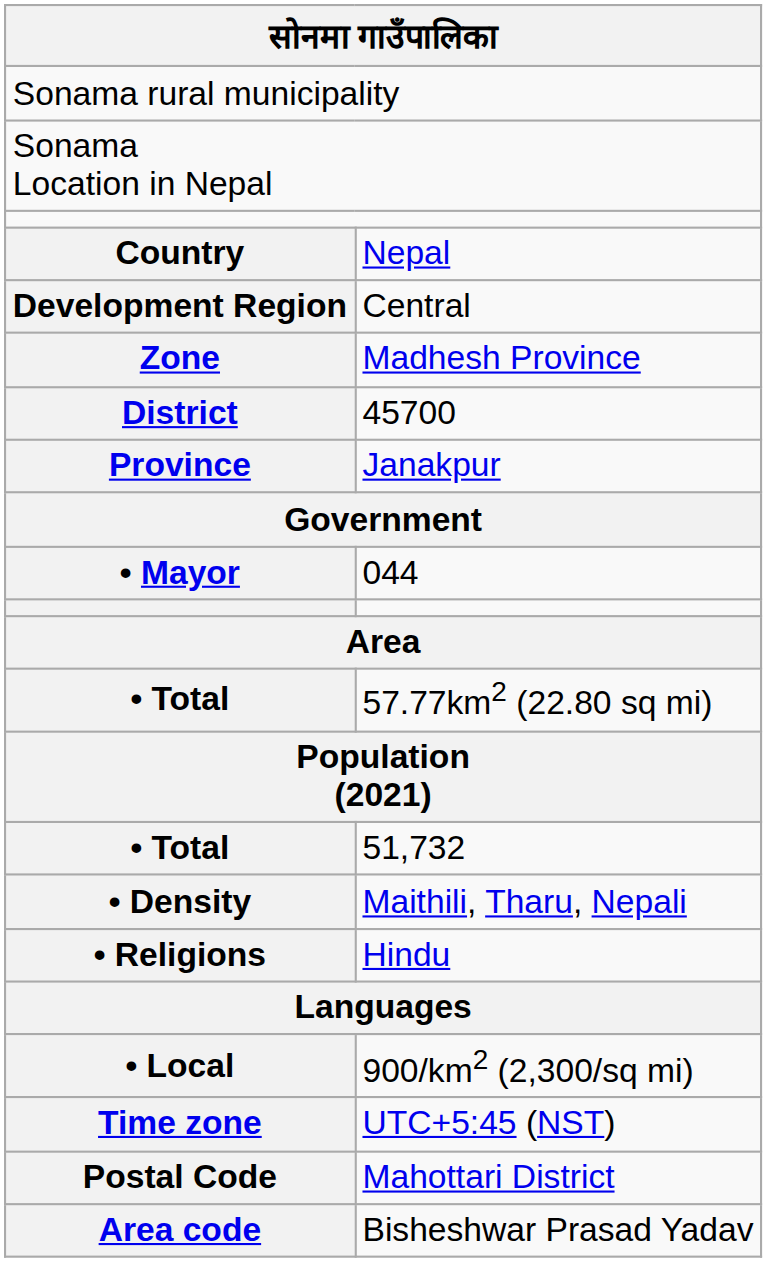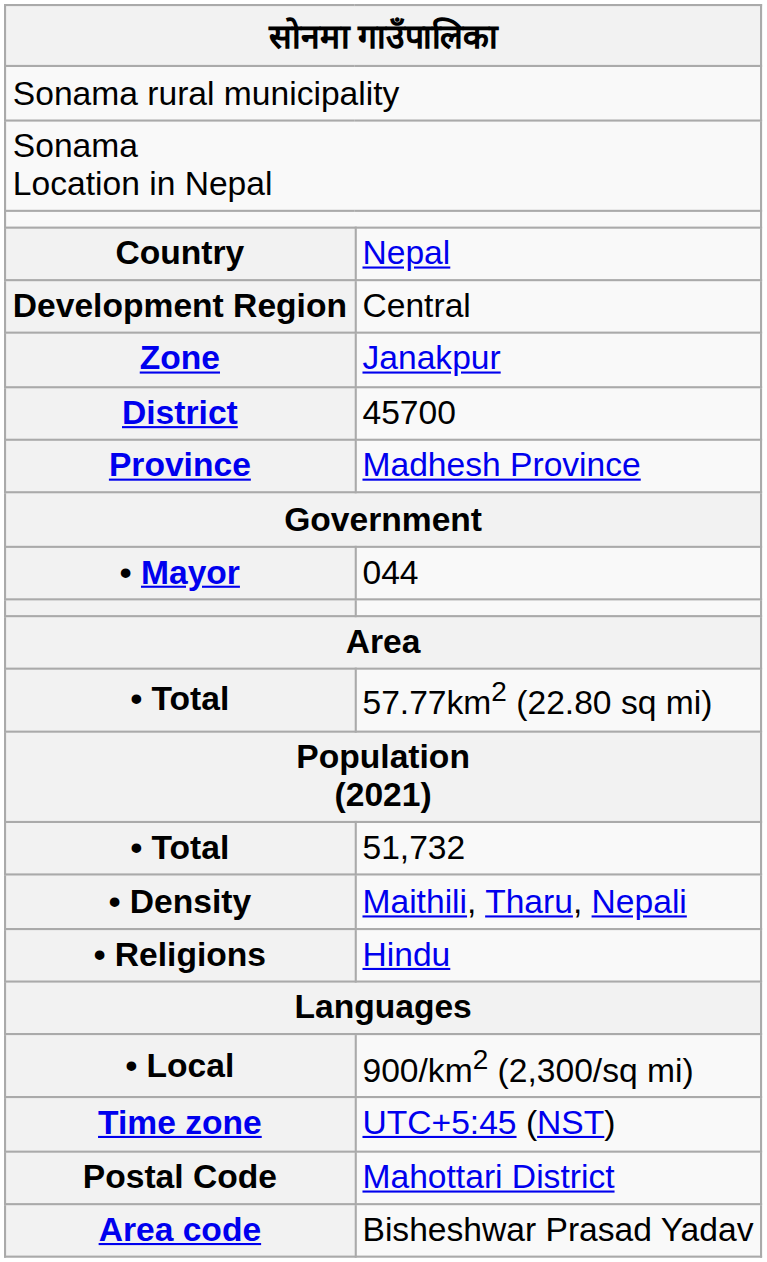 <table class="wikitable">
 <tr>
 <th colspan="2">सोनमा गाउँपालिका</th>
 </tr>
 <tr>
 <td colspan="2">Sonama rural municipality</td>
 </tr>
 <tr>
 <td colspan="2">Sonama<br>Location in Nepal</td>
 </tr>
 <tr>
 <td colspan="2"></td>
 </tr>
 <tr>
 <th>Country</th>
 <td><a href='#'>Nepal</a></td>
 </tr>
 <tr>
 <th>Development Region</th>
 <td>Central</td>
 </tr>
 <tr>
 <th><a href='#'>Zone</a></th>
-<td><a href='#'>Madhesh Province</a></td>
+<td><a href='#'>Janakpur</a></td>
 </tr>
 <tr>
 <th><a href='#'>District</a></th>
 <td>45700</td>
 </tr>
 <tr>
 <th><a href='#'>Province</a></th>
-<td><a href='#'>Janakpur</a></td>
+<td><a href='#'>Madhesh Province</a></td>
 </tr>
 <tr>
 <th colspan="2">Government</th>
 </tr>
 <tr>
 <th>• <a href='#'>Mayor</a></th>
 <td>044</td>
 </tr>
 <tr>
 <th></th>
 <td></td>
 </tr>
 <tr>
 <th colspan="2">Area</th>
 </tr>
 <tr>
 <th>• Total</th>
 <td>57.77km<sup>2</sup> (22.80 sq mi)</td>
 </tr>
 <tr>
 <th colspan="2">Population<br>(2021)</th>
 </tr>
 <tr>
 <th>• Total</th>
 <td>51,732</td>
 </tr>
 <tr>
 <th>• Density</th>
 <td><a href='#'>Maithili</a>, <a href='#'>Tharu</a>, <a href='#'>Nepali</a></td>
 </tr>
 <tr>
 <th>• Religions</th>
 <td><a href='#'>Hindu</a></td>
 </tr>
 <tr>
 <th colspan="2">Languages</th>
 </tr>
 <tr>
 <th>• Local</th>
 <td>900/km<sup>2</sup> (2,300/sq mi)</td>
 </tr>
 <tr>
 <th><a href='#'>Time zone</a></th>
 <td><a href='#'>UTC+5:45</a> (<a href='#'>NST</a>)</td>
 </tr>
 <tr>
 <th>Postal Code</th>
 <td><a href='#'>Mahottari District</a></td>
 </tr>
 <tr>
 <th><a href='#'>Area code</a></th>
 <td>Bisheshwar Prasad Yadav</td>
 </tr>
 </table>
